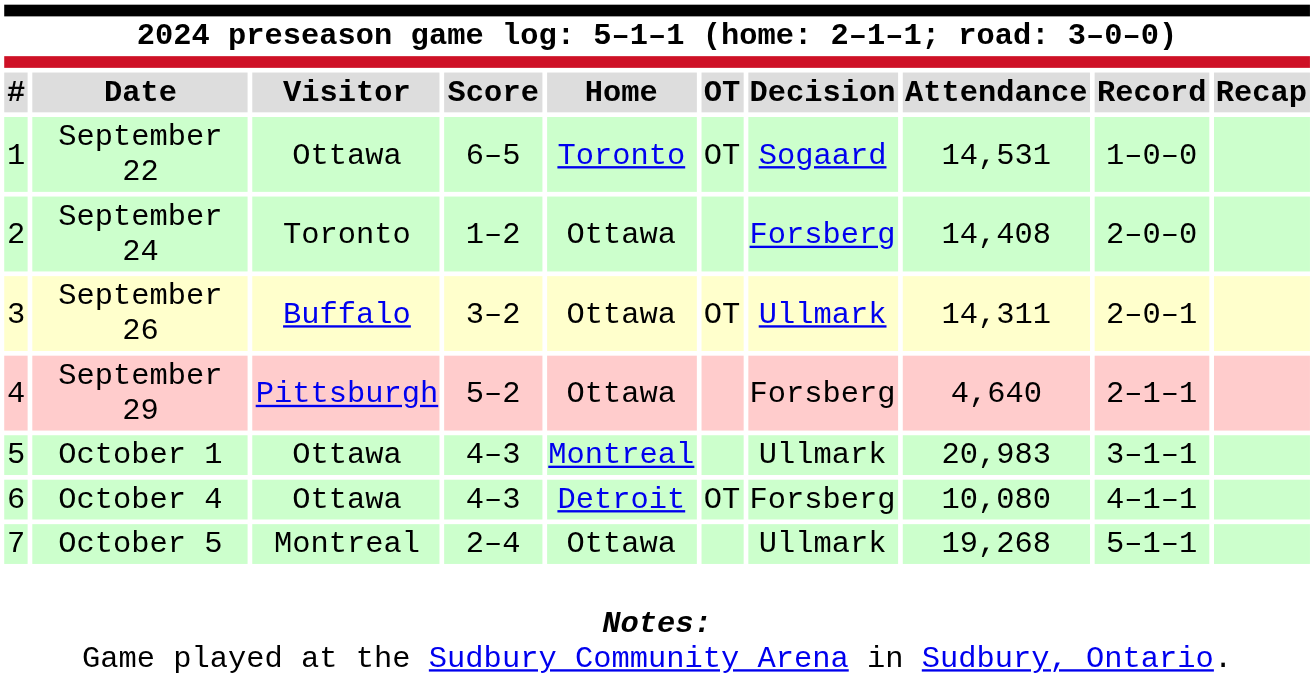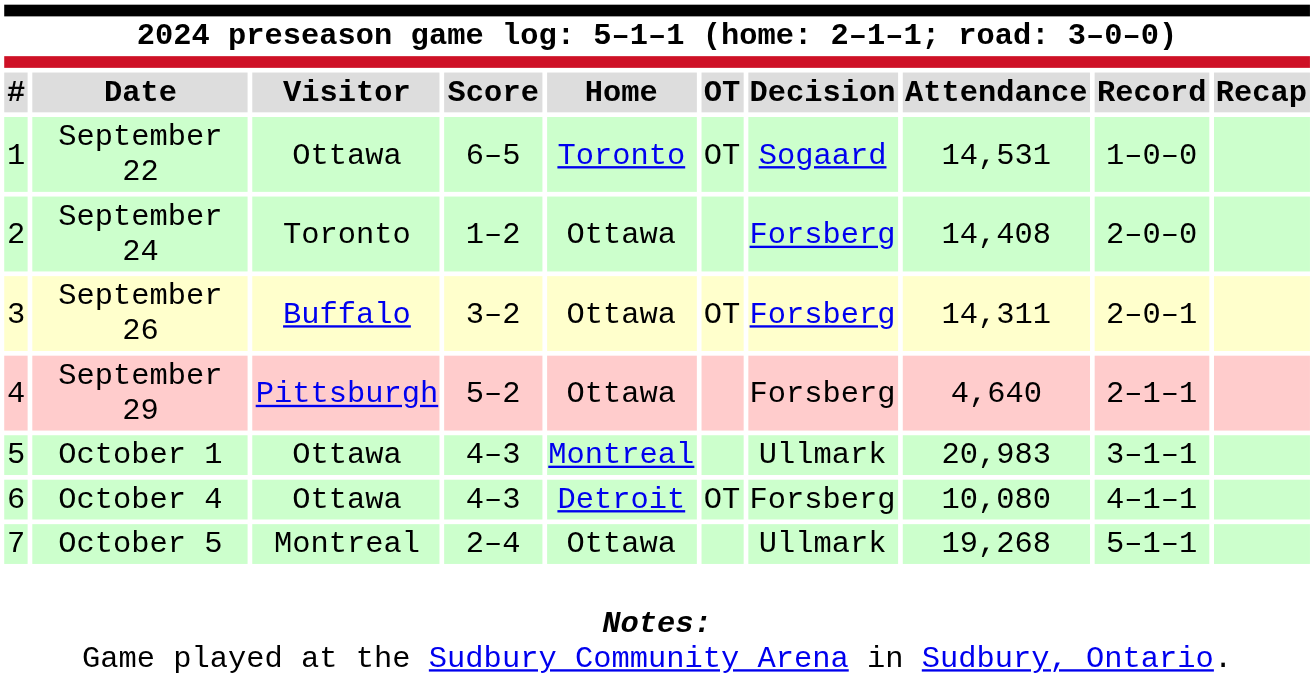 <table class="toccolours collapsible collapsed" style="width:90%; clear:both; margin:1.5em auto; text-align:center;">
 <tr>
 <th colspan="10" style="background:#FFFFFF; border-top:#000000 5px solid; border-bottom:#CE1126 5px solid;">2024 preseason game log: 5–1–1 (home: 2–1–1; road: 3–0–0)</th>
 </tr>
 <tr style="background:#ddd;">
 <th>#</th>
 <th>Date</th>
 <th>Visitor</th>
 <th>Score</th>
 <th>Home</th>
 <th>OT</th>
 <th>Decision</th>
 <th>Attendance</th>
 <th>Record</th>
 <th>Recap</th>
 </tr>
 <tr style="background:#cfc">
 <td>1</td>
 <td>September 22</td>
 <td>Ottawa</td>
 <td>6–5</td>
 <td><a href='#'>Toronto</a></td>
 <td>OT</td>
 <td><a href='#'>Sogaard</a></td>
 <td>14,531</td>
 <td>1–0–0</td>
 <td></td>
 </tr>
 <tr style="background:#cfc">
 <td>2</td>
 <td>September 24</td>
 <td>Toronto</td>
 <td>1–2</td>
 <td>Ottawa</td>
 <td></td>
 <td><a href='#'>Forsberg</a></td>
 <td>14,408</td>
 <td>2–0–0</td>
 <td></td>
 </tr>
 <tr style="background:#ffc;">
 <td>3</td>
 <td>September 26</td>
 <td><a href='#'>Buffalo</a></td>
 <td>3–2</td>
 <td>Ottawa</td>
 <td>OT</td>
-<td><a href='#'>Ullmark</a></td>
+<td><a href='#'>Forsberg</a></td>
 <td>14,311</td>
 <td>2–0–1</td>
 <td></td>
 </tr>
 <tr style="background:#fcc;">
 <td>4</td>
 <td>September 29</td>
 <td><a href='#'>Pittsburgh</a></td>
 <td>5–2</td>
 <td>Ottawa</td>
 <td></td>
 <td>Forsberg</td>
 <td>4,640</td>
 <td>2–1–1</td>
 <td></td>
 </tr>
 <tr style="background:#cfc">
 <td>5</td>
 <td>October 1</td>
 <td>Ottawa</td>
 <td>4–3</td>
 <td><a href='#'>Montreal</a></td>
 <td></td>
 <td>Ullmark</td>
 <td>20,983</td>
 <td>3–1–1</td>
 <td></td>
 </tr>
 <tr style="background:#cfc">
 <td>6</td>
 <td>October 4</td>
 <td>Ottawa</td>
 <td>4–3</td>
 <td><a href='#'>Detroit</a></td>
 <td>OT</td>
 <td>Forsberg</td>
 <td>10,080</td>
 <td>4–1–1</td>
 <td></td>
 </tr>
 <tr style="background:#cfc">
 <td>7</td>
 <td>October 5</td>
 <td>Montreal</td>
 <td>2–4</td>
 <td>Ottawa</td>
 <td></td>
 <td>Ullmark</td>
 <td>19,268</td>
 <td>5–1–1</td>
 <td></td>
 </tr>
 <tr>
 <td colspan="10" style="text-align:center;"><br><strong><em>Notes:</em></strong><br>  Game played at the <a href='#'>Sudbury Community Arena</a> in <a href='#'>Sudbury, Ontario</a>.</td>
 </tr>
 </table>
